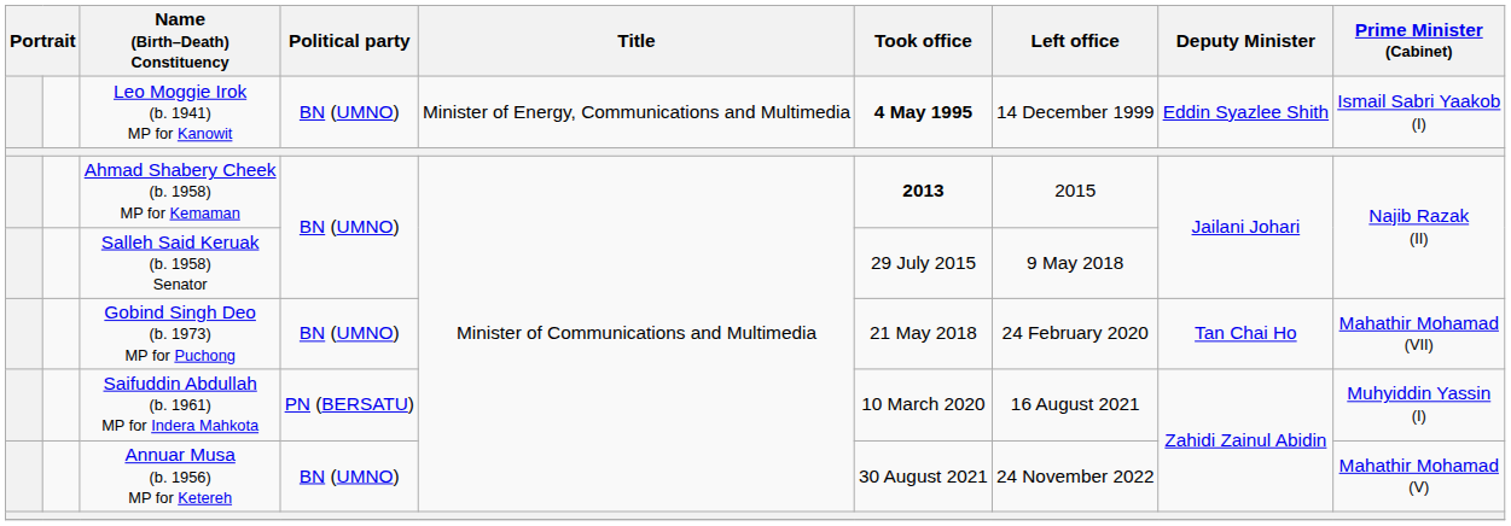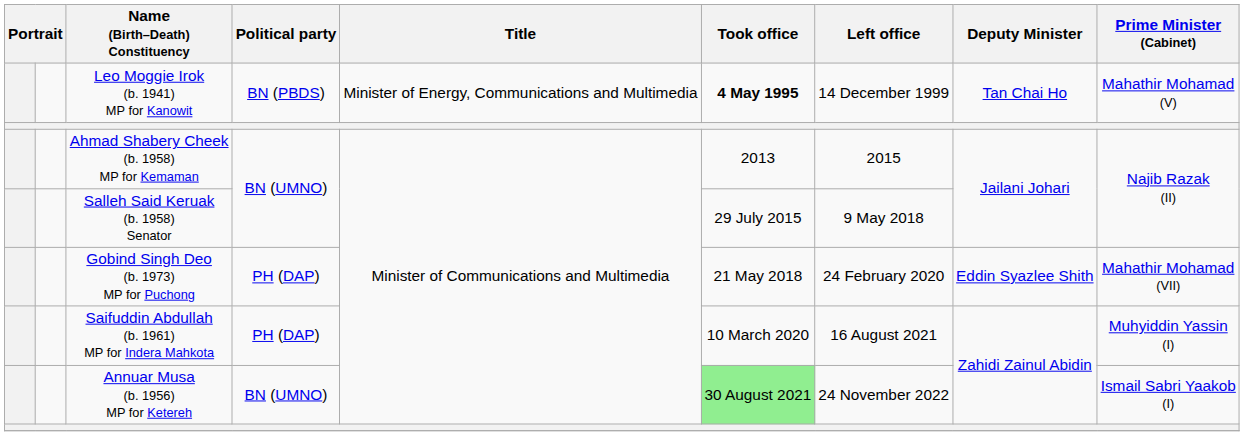 <table class="wikitable" style="text-align:center;">
 <tr>
 <th colspan=2>Portrait</th>
 <th>Name<br><small>(Birth–Death)<br>Constituency</small></th>
 <th>Political party</th>
 <th>Title</th>
 <th>Took office</th>
 <th>Left office</th>
 <th>Deputy Minister</th>
 <th><a href='#'>Prime Minister</a><br><small>(Cabinet)</small></th>
 </tr>
 <tr>
 <th style="background:"></th>
 <td></td>
 <td><a href='#'>Leo Moggie Irok</a><br><small>(b. 1941)<br>MP for <a href='#'>Kanowit</a></small></td>
-<td><a href='#'>BN</a> (<a href='#'>UMNO</a>)</td>
+<td><a href='#'>BN</a> (<a href='#'>PBDS</a>)</td>
 <td>Minister of Energy, Communications and Multimedia</td>
 <td><strong>4 May 1995</strong></td>
 <td>14 December 1999</td>
-<td><a href='#'>Eddin Syazlee Shith</a></td>
-<td><a href='#'>Ismail Sabri Yaakob</a><br><small>(I)</small></td>
+<td><a href='#'>Tan Chai Ho</a></td>
+<td><a href='#'>Mahathir Mohamad</a><br><small>(V)</small></td>
 </tr>
 <tr>
 <th colspan="9" bgcolor="cccccc"></th>
 </tr>
 <tr>
 <th style="background:"></th>
 <td></td>
 <td><a href='#'>Ahmad Shabery Cheek</a><br><small>(b. 1958)<br>MP for <a href='#'>Kemaman</a></small></td>
 <td rowspan=2><a href='#'>BN</a> (<a href='#'>UMNO</a>)</td>
 <td rowspan=5>Minister of Communications and Multimedia</td>
-<td><strong>2013</strong></td>
+<td>2013</td>
 <td>2015</td>
 <td rowspan="2"><a href='#'>Jailani Johari</a></td>
 <td rowspan="2"><a href='#'>Najib Razak</a><br><small>(II)</small></td>
 </tr>
 <tr>
 <th style="background:"></th>
 <td></td>
 <td><a href='#'>Salleh Said Keruak</a><br><small>(b. 1958)<br>Senator</small></td>
 <td>29 July 2015</td>
 <td>9 May 2018</td>
 </tr>
 <tr>
 <th style="background:"></th>
 <td></td>
 <td><a href='#'>Gobind Singh Deo</a><br><small>(b. 1973)<br> MP for <a href='#'>Puchong</a></small></td>
-<td><a href='#'>BN</a> (<a href='#'>UMNO</a>)</td>
+<td><a href='#'>PH</a> (<a href='#'>DAP</a>)</td>
 <td>21 May 2018</td>
 <td>24 February 2020</td>
-<td><a href='#'>Tan Chai Ho</a></td>
+<td><a href='#'>Eddin Syazlee Shith</a></td>
 <td><a href='#'>Mahathir Mohamad</a><br><small>(VII)</small></td>
 </tr>
 <tr>
 <th style="background:"></th>
 <td></td>
 <td><a href='#'>Saifuddin Abdullah</a><br><small>(b. 1961)<br>MP for <a href='#'>Indera Mahkota</a></small></td>
-<td><a href='#'>PN</a> (<a href='#'>BERSATU</a>)</td>
+<td><a href='#'>PH</a> (<a href='#'>DAP</a>)</td>
 <td>10 March 2020</td>
 <td>16 August 2021</td>
 <td rowspan="2"><a href='#'>Zahidi Zainul Abidin</a></td>
 <td><a href='#'>Muhyiddin Yassin</a><br><small>(I)</small></td>
 </tr>
 <tr>
 <th style="background:"></th>
 <td></td>
 <td><a href='#'>Annuar Musa</a><br><small>(b. 1956)<br>MP for <a href='#'>Ketereh</a></small></td>
 <td><a href='#'>BN</a> (<a href='#'>UMNO</a>)</td>
-<td>30 August 2021</td>
+<td style="background: lightgreen;">30 August 2021</td>
 <td>24 November 2022</td>
-<td><a href='#'>Mahathir Mohamad</a><br><small>(V)</small></td>
+<td><a href='#'>Ismail Sabri Yaakob</a><br><small>(I)</small></td>
 </tr>
 <tr>
 <th colspan="9" bgcolor="cccccc"></th>
 </tr>
 <tr>
 </tr>
 </table>
